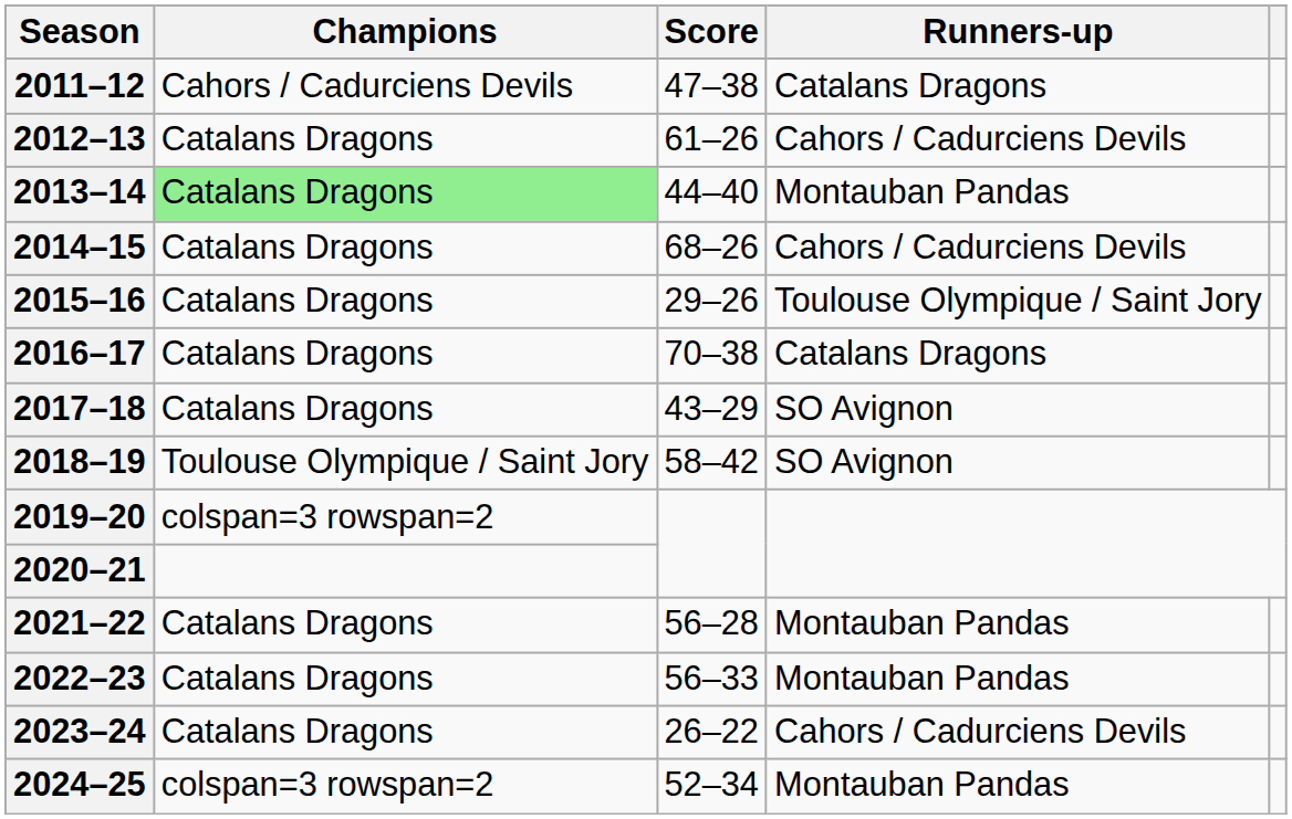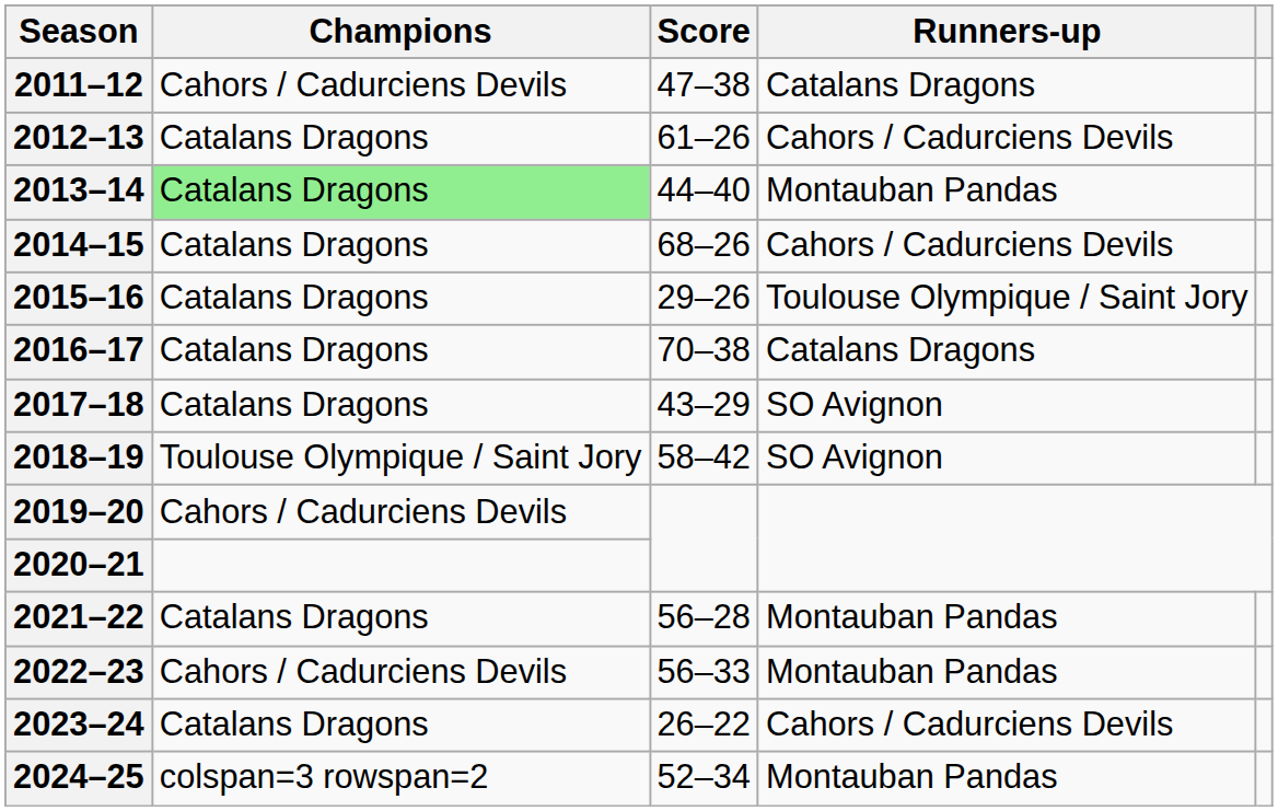 <table class="wikitable">
 <tr>
 <th scope="col">Season</th>
 <th scope="col">Champions</th>
 <th scope="col">Score</th>
 <th scope="col">Runners-up</th>
 <th scope="col"></th>
 </tr>
 <tr>
 <th scope="row">2011–12</th>
 <td>Cahors / Cadurciens Devils</td>
 <td style="text-align: center;">47–38</td>
 <td> Catalans Dragons</td>
 <td></td>
 </tr>
 <tr>
 <th scope="row">2012–13</th>
 <td> Catalans Dragons</td>
 <td style="text-align: center;">61–26</td>
 <td>Cahors / Cadurciens Devils</td>
 <td></td>
 </tr>
 <tr>
 <th scope="row">2013–14</th>
 <td style="background: lightgreen;"> Catalans Dragons</td>
 <td style="text-align: center;">44–40</td>
 <td>Montauban Pandas</td>
 <td></td>
 </tr>
 <tr>
 <th scope="row">2014–15</th>
 <td> Catalans Dragons</td>
 <td style="text-align: center;">68–26</td>
 <td>Cahors / Cadurciens Devils</td>
 <td></td>
 </tr>
 <tr>
 <th scope="row">2015–16</th>
 <td> Catalans Dragons</td>
 <td style="text-align: center;">29–26</td>
 <td> Toulouse Olympique / Saint Jory</td>
 <td></td>
 </tr>
 <tr>
 <th scope="row">2016–17</th>
 <td> Catalans Dragons</td>
 <td style="text-align: center;">70–38</td>
 <td> Catalans Dragons</td>
 <td></td>
 </tr>
 <tr>
 <th scope="row">2017–18</th>
 <td> Catalans Dragons</td>
 <td style="text-align: center;">43–29</td>
 <td> SO Avignon</td>
 <td></td>
 </tr>
 <tr>
 <th scope="row">2018–19</th>
 <td> Toulouse Olympique / Saint Jory</td>
 <td style="text-align: center;">58–42</td>
 <td> SO Avignon</td>
 <td></td>
 </tr>
 <tr>
 <th scope="row">2019–20</th>
-<td>colspan=3 rowspan=2 </td>
+<td>Cahors / Cadurciens Devils</td>
 <td rowspan=2></td>
 </tr>
 <tr>
 <th scope="row">2020–21</th>
 </tr>
 <tr>
 <th scope="row">2021–22</th>
 <td> Catalans Dragons</td>
 <td style="text-align: center;">56–28</td>
 <td>Montauban Pandas</td>
 <td></td>
 </tr>
 <tr>
 <th scope="row">2022–23</th>
-<td> Catalans Dragons</td>
+<td>Cahors / Cadurciens Devils</td>
 <td style="text-align: center;">56–33</td>
 <td>Montauban Pandas</td>
 <td></td>
 </tr>
 <tr>
 <th scope="row">2023–24</th>
 <td> Catalans Dragons</td>
 <td style="text-align: center;">26–22</td>
 <td>Cahors / Cadurciens Devils</td>
 <td></td>
 </tr>
 <tr>
 <th scope="row">2024–25</th>
 <td>colspan=3 rowspan=2 </td>
 <td style="text-align: center;">52–34</td>
 <td>Montauban Pandas</td>
 <td></td>
 </tr>
 </table>
